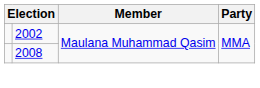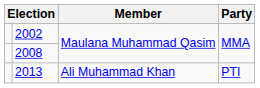 <table class="wikitable">
 <tr>
 <th colspan="2">Election</th>
 <th>Member</th>
 <th>Party</th>
 </tr>
 <tr>
 <td style="background-color: "></td>
 <td><a href='#'>2002</a></td>
 <td rowspan="2"><a href='#'>Maulana Muhammad Qasim</a></td>
 <td rowspan="2"><a href='#'>MMA</a></td>
 </tr>
 <tr>
 <td style="background-color: "></td>
 <td><a href='#'>2008</a></td>
 </tr>
+<tr>
+<td style="background-color: "></td>
+<td><a href='#'>2013</a></td>
+<td><a href='#'>Ali Muhammad Khan</a></td>
+<td><a href='#'>PTI</a></td>
+</tr>
 </table>
